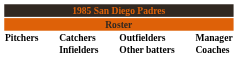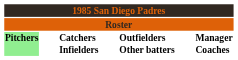 <table class="toccolours" style="font-size: 95%;">
 <tr>
 <th colspan="10" style="background-color: #312821; color: #de6108; text-align: center;">1985 San Diego Padres</th>
 </tr>
 <tr>
 <td colspan="10" style="background-color: #de6108; color: #312821; text-align: center;"><strong>Roster</strong></td>
 </tr>
 <tr>
-<td valign="top"><strong>Pitchers</strong><br>              </td>
+<td valign="top" style="background: lightgreen;"><strong>Pitchers</strong><br>              </td>
 <td width="25px"></td>
 <td valign="top"><strong>Catchers</strong><br>  <strong>Infielders</strong>        </td>
 <td width="25px"></td>
 <td valign="top"><strong>Outfielders</strong><br>       <strong>Other batters</strong> </td>
 <td width="25px"></td>
 <td valign="top"><strong>Manager</strong><br> <strong>Coaches</strong>     </td>
 </tr>
 </table>
